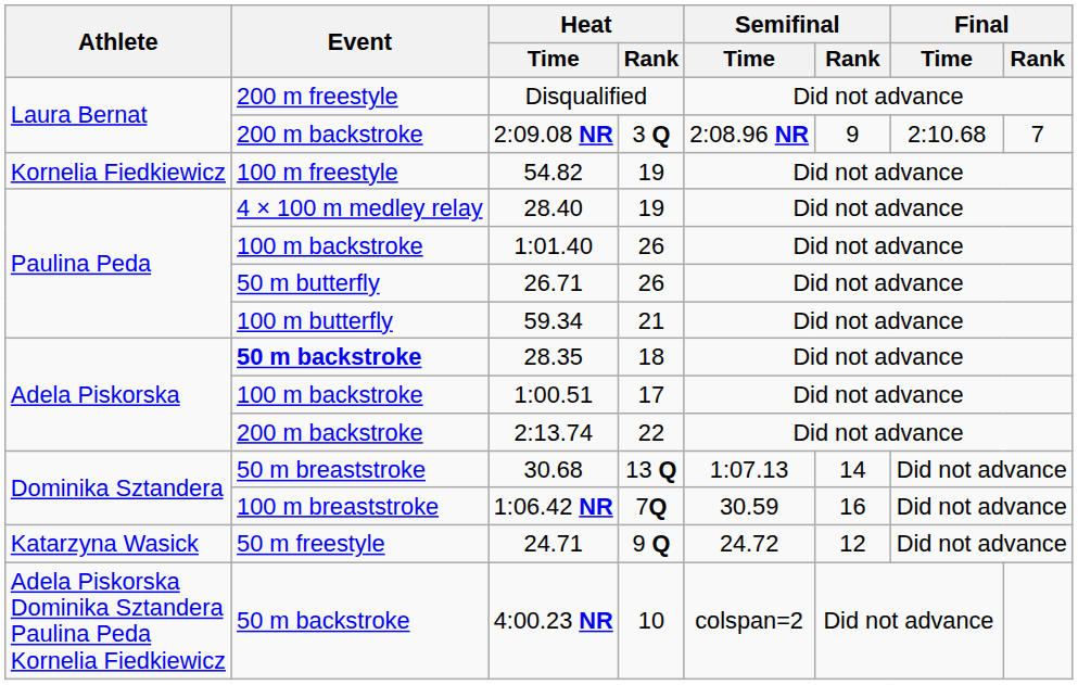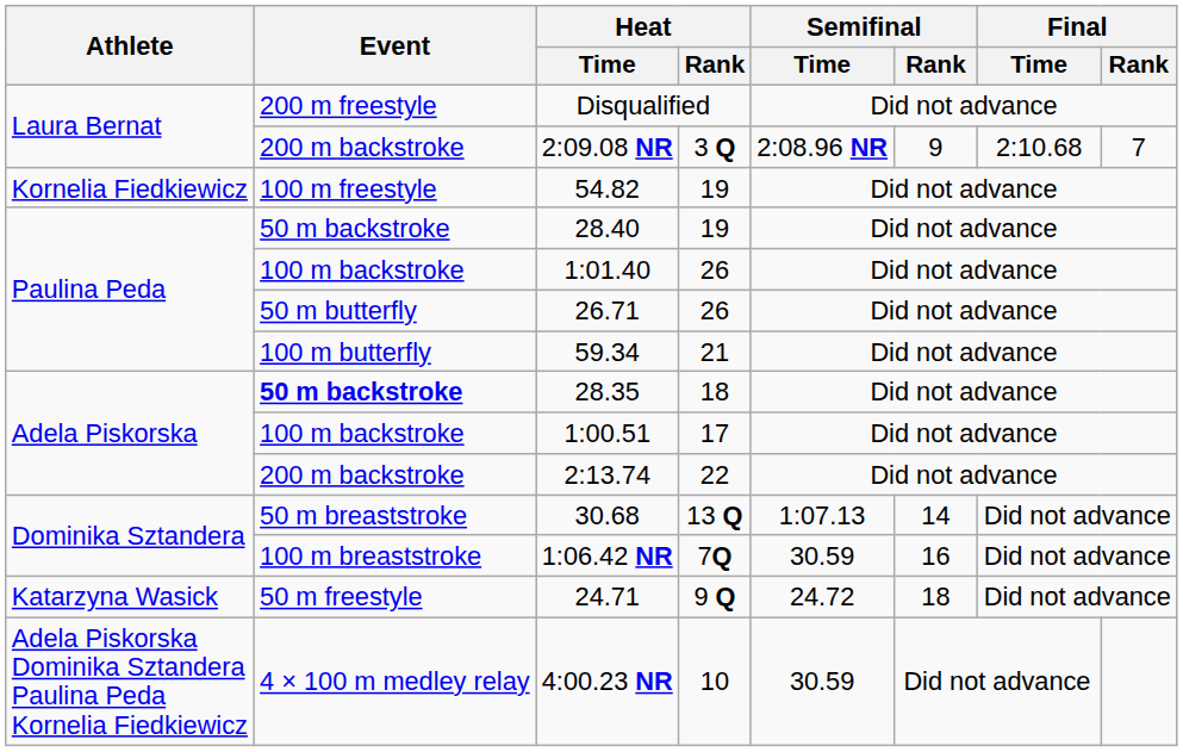 <table class="wikitable" style="text-align:center; font-size:90%;">
 <tr>
 <th rowspan="2">Athlete</th>
 <th rowspan="2">Event</th>
 <th colspan="2">Heat</th>
 <th colspan="2">Semifinal</th>
 <th colspan="2">Final</th>
 </tr>
 <tr style="font-size:95%">
 <th>Time</th>
 <th>Rank</th>
 <th>Time</th>
 <th>Rank</th>
 <th>Time</th>
 <th>Rank</th>
 </tr>
 <tr>
 <td align=left rowspan=2><a href='#'>Laura Bernat</a></td>
 <td align=left><a href='#'>200 m freestyle</a></td>
 <td colspan=2>Disqualified</td>
 <td colspan=4>Did not advance</td>
 </tr>
 <tr>
 <td align=left><a href='#'>200 m backstroke</a></td>
 <td>2:09.08 <strong><a href='#'>NR</a></strong></td>
 <td>3 <strong>Q</strong></td>
 <td>2:08.96 <strong><a href='#'>NR</a></strong></td>
 <td>9</td>
 <td>2:10.68</td>
 <td>7</td>
 </tr>
 <tr>
 <td align=left><a href='#'>Kornelia Fiedkiewicz</a></td>
 <td align=left><a href='#'>100 m freestyle</a></td>
 <td>54.82</td>
 <td>19</td>
 <td colspan=4>Did not advance</td>
 </tr>
 <tr>
 <td align=left rowspan=4><a href='#'>Paulina Peda</a></td>
-<td align=left><a href='#'>4 × 100 m medley relay</a></td>
+<td align=left><a href='#'>50 m backstroke</a></td>
 <td>28.40</td>
 <td>19</td>
 <td colspan=4>Did not advance</td>
 </tr>
 <tr>
 <td align=left><a href='#'>100 m backstroke</a></td>
 <td>1:01.40</td>
 <td>26</td>
 <td colspan=4>Did not advance</td>
 </tr>
 <tr>
 <td align=left><a href='#'>50 m butterfly</a></td>
 <td>26.71</td>
 <td>26</td>
 <td colspan=4>Did not advance</td>
 </tr>
 <tr>
 <td align=left><a href='#'>100 m butterfly</a></td>
 <td>59.34</td>
 <td>21</td>
 <td colspan=4>Did not advance</td>
 </tr>
 <tr>
 <td align=left rowspan=3><a href='#'>Adela Piskorska</a></td>
 <td align=left><strong><a href='#'>50 m backstroke</a></strong></td>
 <td>28.35</td>
 <td>18</td>
 <td colspan=4>Did not advance</td>
 </tr>
 <tr>
 <td align=left><a href='#'>100 m backstroke</a></td>
 <td>1:00.51</td>
 <td>17</td>
 <td colspan=4>Did not advance</td>
 </tr>
 <tr>
 <td align=left><a href='#'>200 m backstroke</a></td>
 <td>2:13.74</td>
 <td>22</td>
 <td colspan=4>Did not advance</td>
 </tr>
 <tr>
 <td align=left rowspan=2><a href='#'>Dominika Sztandera</a></td>
 <td align=left><a href='#'>50 m breaststroke</a></td>
 <td>30.68</td>
 <td>13 <strong>Q</strong></td>
 <td>1:07.13</td>
 <td>14</td>
 <td colspan=2>Did not advance</td>
 </tr>
 <tr>
 <td align=left><a href='#'>100 m breaststroke</a></td>
 <td>1:06.42 <strong><a href='#'>NR</a></strong></td>
 <td>7<strong>Q</strong></td>
 <td>30.59</td>
 <td>16</td>
 <td colspan=2>Did not advance</td>
 </tr>
 <tr>
 <td align=left><a href='#'>Katarzyna Wasick</a></td>
 <td align=left><a href='#'>50 m freestyle</a></td>
 <td>24.71</td>
 <td>9 <strong>Q</strong></td>
 <td>24.72</td>
-<td>12</td>
+<td>18</td>
 <td colspan=2>Did not advance</td>
 </tr>
 <tr>
 <td align=left><a href='#'>Adela Piskorska</a><br><a href='#'>Dominika Sztandera</a><br><a href='#'>Paulina Peda</a><br><a href='#'>Kornelia Fiedkiewicz</a></td>
-<td align=left><a href='#'>50 m backstroke</a></td>
+<td align=left><a href='#'>4 × 100 m medley relay</a></td>
 <td>4:00.23 <strong><a href='#'>NR</a></strong></td>
 <td>10</td>
-<td>colspan=2 </td>
+<td>30.59</td>
 <td colspan=2>Did not advance</td>
 </tr>
 </table>
